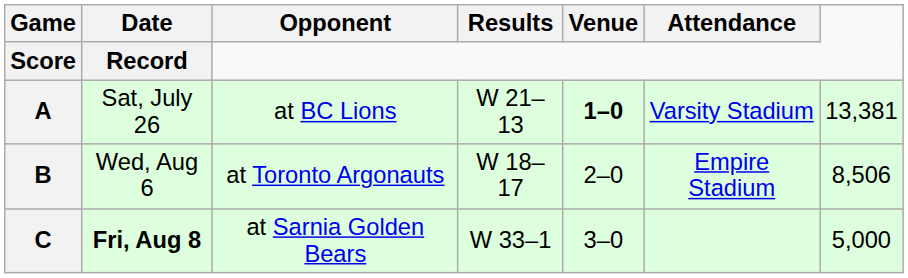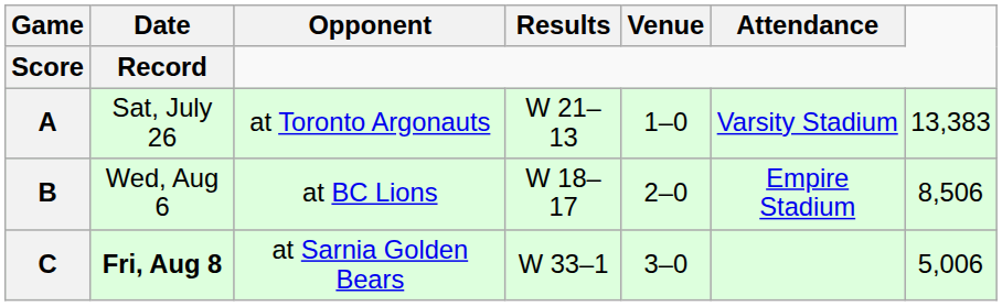 <table class="wikitable" style="text-align:center">
 <tr>
 <th>Game</th>
 <th>Date</th>
 <th>Opponent</th>
 <th>Results</th>
 <th>Venue</th>
 <th>Attendance</th>
 </tr>
 <tr>
 <th>Score</th>
 <th>Record</th>
 </tr>
 <tr style="background:#ddffdd">
 <th>A</th>
 <td>Sat, July 26</td>
-<td>at <a href='#'>BC Lions</a></td>
+<td>at <a href='#'>Toronto Argonauts</a></td>
 <td>W 21–13</td>
-<td><strong>1–0</strong></td>
+<td>1–0</td>
 <td><a href='#'>Varsity Stadium</a></td>
-<td>13,381</td>
+<td>13,383</td>
 </tr>
 <tr style="background:#ddffdd">
 <th>B</th>
 <td>Wed, Aug 6</td>
-<td>at <a href='#'>Toronto Argonauts</a></td>
+<td>at <a href='#'>BC Lions</a></td>
 <td>W 18–17</td>
 <td>2–0</td>
 <td><a href='#'>Empire Stadium</a></td>
 <td>8,506</td>
 </tr>
 <tr style="background:#ddffdd">
 <th>C</th>
 <td><strong>Fri, Aug 8</strong></td>
 <td>at <a href='#'>Sarnia Golden Bears</a></td>
 <td>W 33–1</td>
 <td>3–0</td>
 <td></td>
-<td>5,000</td>
+<td>5,006</td>
 </tr>
 </table>
